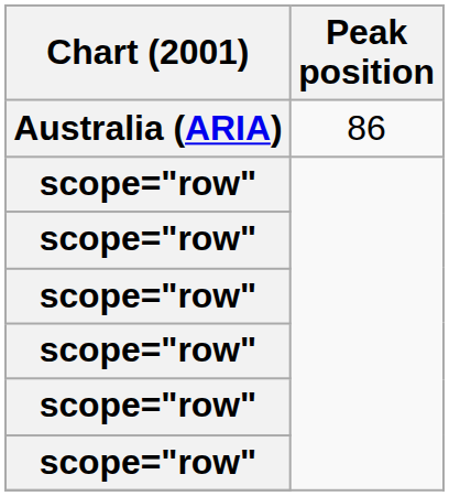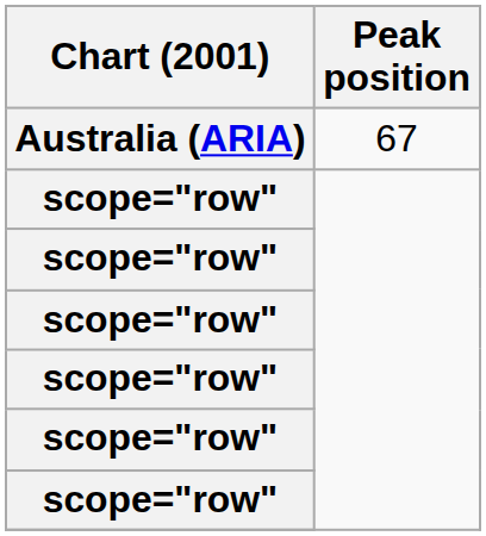 <table class="wikitable sortable plainrowheaders">
 <tr>
 <th>Chart (2001)</th>
 <th>Peak<br>position</th>
 </tr>
 <tr>
 <th scope="row">Australia (<a href='#'>ARIA</a>)</th>
-<td align="center">86</td>
+<td align="center">67</td>
 </tr>
 <tr>
 <th>scope="row" </th>
 </tr>
 <tr>
 <th>scope="row" </th>
 </tr>
 <tr>
 <th>scope="row" </th>
 </tr>
 <tr>
 <th>scope="row" </th>
 </tr>
 <tr>
 <th>scope="row" </th>
 </tr>
 <tr>
 <th>scope="row" </th>
 </tr>
 <tr>
 </tr>
 </table>
